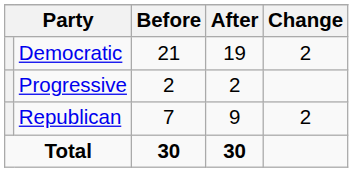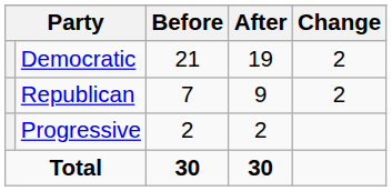 <table class="wikitable" style="text-align:center;">
 <tr>
 </tr>
 <tr>
 <th colspan=2>Party</th>
 <th>Before</th>
 <th>After</th>
 <th>Change</th>
 </tr>
 <tr>
 <th style="background-color:"></th>
 <td style="text-align:left;"><a href='#'>Democratic</a></td>
 <td>21</td>
 <td>19</td>
 <td> 2</td>
 </tr>
 <tr>
 <th style="background-color:"></th>
+<td style="text-align:left;"><a href='#'>Republican</a></td>
+<td>7</td>
+<td>9</td>
+<td> 2</td>
+</tr>
+<tr>
+<th style="background-color:"></th>
 <td style="text-align:left;"><a href='#'>Progressive</a></td>
 <td>2</td>
 <td>2</td>
 <td></td>
-</tr>
-<tr>
-<th style="background-color:"></th>
-<td style="text-align:left;"><a href='#'>Republican</a></td>
-<td>7</td>
-<td>9</td>
-<td> 2</td>
 </tr>
 <tr>
 <td colspan=2><strong>Total</strong></td>
 <td><strong>30</strong></td>
 <td><strong>30</strong></td>
 <td></td>
 </tr>
 </table>
